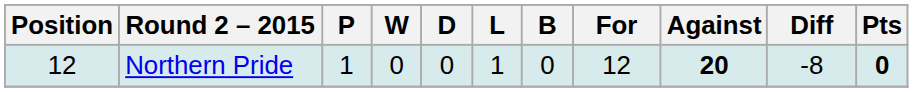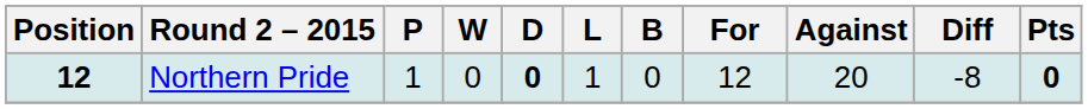 <table class="wikitable" style="text-align:center; font-size:85%;">
 <tr>
 <th width=40 abbr="Position">Position</th>
 <th width=100>Round 2 – 2015</th>
 <th width=20 abbr="Played">P</th>
 <th width=20 abbr="Won">W</th>
 <th width=20 abbr="Drawn">D</th>
 <th width=20 abbr="Lost">L</th>
 <th width=20 abbr="Bye">B</th>
 <th width=40 abbr="Points for">For</th>
 <th width=40 abbr="Points against">Against</th>
 <th width=40 abbr="Points difference">Diff</th>
 <th width=20 abbr="Points">Pts</th>
 </tr>
 <tr style="background: #d7ebed;">
-<td>12</td>
+<td><strong>12</strong></td>
 <td style="text-align:left;"> <a href='#'>Northern Pride</a></td>
 <td>1</td>
 <td>0</td>
-<td>0</td>
+<td><strong>0</strong></td>
 <td>1</td>
 <td>0</td>
 <td>12</td>
-<td><strong>20</strong></td>
+<td>20</td>
 <td>-8</td>
 <td><strong>0</strong></td>
 </tr>
 <tr>
 </tr>
 </table>
